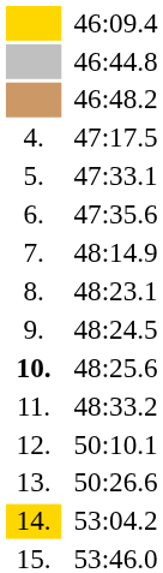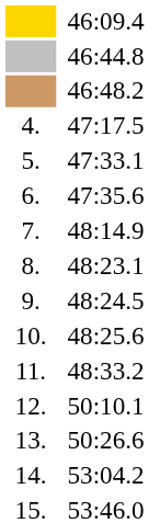 <table style="text-align:center">
 <tr>
 <td width=30 style="background:gold;"></td>
 <td align=left></td>
 <td>46:09.4</td>
 </tr>
 <tr>
 <td style="background:silver;"></td>
 <td align=left></td>
 <td>46:44.8</td>
 </tr>
 <tr>
 <td style="background:#cc9966;"></td>
 <td align=left></td>
 <td>46:48.2</td>
 </tr>
 <tr>
 <td>4.</td>
 <td align=left></td>
 <td>47:17.5</td>
 </tr>
 <tr>
 <td>5.</td>
 <td align=left></td>
 <td>47:33.1</td>
 </tr>
 <tr>
 <td>6.</td>
 <td align=left></td>
 <td>47:35.6</td>
 </tr>
 <tr>
 <td>7.</td>
 <td align=left></td>
 <td>48:14.9</td>
 </tr>
 <tr>
 <td>8.</td>
 <td align=left></td>
 <td>48:23.1</td>
 </tr>
 <tr>
 <td>9.</td>
 <td align=left></td>
 <td>48:24.5</td>
 </tr>
 <tr>
-<td><strong>10.</strong></td>
+<td>10.</td>
 <td align=left></td>
 <td>48:25.6</td>
 </tr>
 <tr>
 <td>11.</td>
 <td align=left></td>
 <td>48:33.2</td>
 </tr>
 <tr>
 <td>12.</td>
 <td align=left></td>
 <td>50:10.1</td>
 </tr>
 <tr>
 <td>13.</td>
 <td align=left></td>
 <td>50:26.6</td>
 </tr>
 <tr>
-<td style="background: gold;">14.</td>
+<td>14.</td>
 <td align=left></td>
 <td>53:04.2</td>
 </tr>
 <tr>
 <td>15.</td>
 <td align=left></td>
 <td>53:46.0</td>
 </tr>
 </table>
